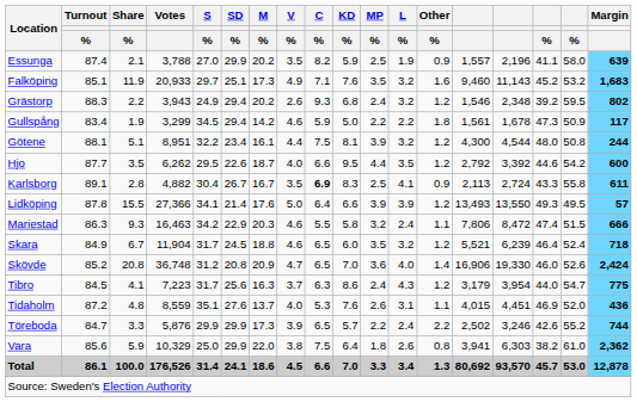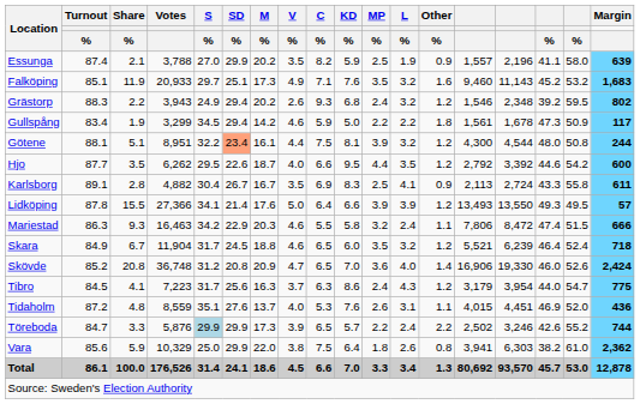 <table class="wikitable sortable" style="text-align:right; font-size:95%; line-height:20px;">
 <tr>
 <th rowspan="3">Location</th>
 <th>Turnout</th>
 <th>Share</th>
 <th>Votes</th>
 <th width="30px" class="unsortable"><a href='#'>S</a></th>
 <th width="30px" class="unsortable"><a href='#'>SD</a></th>
 <th width="30px" class="unsortable"><a href='#'>M</a></th>
 <th width="30px" class="unsortable"><a href='#'>V</a></th>
 <th width="30px" class="unsortable"><a href='#'>C</a></th>
 <th width="30px" class="unsortable"><a href='#'>KD</a></th>
 <th width="30px" class="unsortable"><a href='#'>MP</a></th>
 <th width="30px" class="unsortable"><a href='#'>L</a></th>
 <th width="30px" class="unsortable">Other</th>
 <th></th>
 <th></th>
 <th></th>
 <th></th>
 <th>Margin</th>
 </tr>
 <tr>
 <th></th>
 <th></th>
 <th></th>
 <th style="background:"></th>
 <th style="background:"></th>
 <th style="background:"></th>
 <th style="background:"></th>
 <th style="background:"></th>
 <th style="background:"></th>
 <th style="background:"></th>
 <th style="background:"></th>
 <th style="background:"></th>
 <th style="background:"></th>
 <th style="background:"></th>
 <th style="background:"></th>
 <th style="background:"></th>
 </tr>
 <tr>
 <th data-sort-type="number">%</th>
 <th data-sort-type="number">%</th>
 <th></th>
 <th data-sort-type="number">%</th>
 <th data-sort-type="number">%</th>
 <th data-sort-type="number">%</th>
 <th data-sort-type="number">%</th>
 <th data-sort-type="number">%</th>
 <th data-sort-type="number">%</th>
 <th data-sort-type="number">%</th>
 <th data-sort-type="number">%</th>
 <th data-sort-type="number">%</th>
 <th data-sort-type="number"></th>
 <th data-sort-type="number"></th>
 <th data-sort-type="number">%</th>
 <th data-sort-type="number">%</th>
 <th data-sort-type="number"></th>
 </tr>
 <tr>
 <td align="left"><a href='#'>Essunga</a></td>
 <td>87.4</td>
 <td>2.1</td>
 <td>3,788</td>
 <td>27.0</td>
 <td>29.9</td>
 <td>20.2</td>
 <td>3.5</td>
 <td>8.2</td>
 <td>5.9</td>
 <td>2.5</td>
 <td>1.9</td>
 <td>0.9</td>
 <td>1,557</td>
 <td>2,196</td>
 <td>41.1</td>
 <td>58.0</td>
 <td bgcolor=#6fd5fe><strong>639</strong></td>
 </tr>
 <tr>
 <td align="left"><a href='#'>Falköping</a></td>
 <td>85.1</td>
 <td>11.9</td>
 <td>20,933</td>
 <td>29.7</td>
 <td>25.1</td>
 <td>17.3</td>
 <td>4.9</td>
 <td>7.1</td>
 <td>7.6</td>
 <td>3.5</td>
 <td>3.2</td>
 <td>1.6</td>
 <td>9,460</td>
 <td>11,143</td>
 <td>45.2</td>
 <td>53.2</td>
 <td bgcolor=#6fd5fe><strong>1,683</strong></td>
 </tr>
 <tr>
 <td align="left"><a href='#'>Grästorp</a></td>
 <td>88.3</td>
 <td>2.2</td>
 <td>3,943</td>
 <td>24.9</td>
 <td>29.4</td>
 <td>20.2</td>
 <td>2.6</td>
 <td>9.3</td>
 <td>6.8</td>
 <td>2.4</td>
 <td>3.2</td>
 <td>1.2</td>
 <td>1,546</td>
 <td>2,348</td>
 <td>39.2</td>
 <td>59.5</td>
 <td bgcolor=#6fd5fe><strong>802</strong></td>
 </tr>
 <tr>
 <td align="left"><a href='#'>Gullspång</a></td>
 <td>83.4</td>
 <td>1.9</td>
 <td>3,299</td>
 <td>34.5</td>
 <td>29.4</td>
 <td>14.2</td>
 <td>4.6</td>
 <td>5.9</td>
 <td>5.0</td>
 <td>2.2</td>
 <td>2.2</td>
 <td>1.8</td>
 <td>1,561</td>
 <td>1,678</td>
 <td>47.3</td>
 <td>50.9</td>
 <td bgcolor=#6fd5fe><strong>117</strong></td>
 </tr>
 <tr>
 <td align="left"><a href='#'>Götene</a></td>
 <td>88.1</td>
 <td>5.1</td>
 <td>8,951</td>
 <td>32.2</td>
-<td>23.4</td>
+<td style="background: lightsalmon;">23.4</td>
 <td>16.1</td>
 <td>4.4</td>
 <td>7.5</td>
 <td>8.1</td>
 <td>3.9</td>
 <td>3.2</td>
 <td>1.2</td>
 <td>4,300</td>
 <td>4,544</td>
 <td>48.0</td>
 <td>50.8</td>
 <td bgcolor=#6fd5fe><strong>244</strong></td>
 </tr>
 <tr>
 <td align="left"><a href='#'>Hjo</a></td>
 <td>87.7</td>
 <td>3.5</td>
 <td>6,262</td>
 <td>29.5</td>
 <td>22.6</td>
 <td>18.7</td>
 <td>4.0</td>
 <td>6.6</td>
 <td>9.5</td>
 <td>4.4</td>
 <td>3.5</td>
 <td>1.2</td>
 <td>2,792</td>
 <td>3,392</td>
 <td>44.6</td>
 <td>54.2</td>
 <td bgcolor=#6fd5fe><strong>600</strong></td>
 </tr>
 <tr>
 <td align="left"><a href='#'>Karlsborg</a></td>
 <td>89.1</td>
 <td>2.8</td>
 <td>4,882</td>
 <td>30.4</td>
 <td>26.7</td>
 <td>16.7</td>
 <td>3.5</td>
-<td><strong>6.9</strong></td>
+<td>6.9</td>
 <td>8.3</td>
 <td>2.5</td>
 <td>4.1</td>
 <td>0.9</td>
 <td>2,113</td>
 <td>2,724</td>
 <td>43.3</td>
 <td>55.8</td>
 <td bgcolor=#6fd5fe><strong>611</strong></td>
 </tr>
 <tr>
 <td align="left"><a href='#'>Lidköping</a></td>
 <td>87.8</td>
 <td>15.5</td>
 <td>27,366</td>
 <td>34.1</td>
 <td>21.4</td>
 <td>17.6</td>
 <td>5.0</td>
 <td>6.4</td>
 <td>6.6</td>
 <td>3.9</td>
 <td>3.9</td>
 <td>1.2</td>
 <td>13,493</td>
 <td>13,550</td>
 <td>49.3</td>
 <td>49.5</td>
 <td bgcolor=#6fd5fe><strong>57</strong></td>
 </tr>
 <tr>
 <td align="left"><a href='#'>Mariestad</a></td>
 <td>86.3</td>
 <td>9.3</td>
 <td>16,463</td>
 <td>34.2</td>
 <td>22.9</td>
 <td>20.3</td>
 <td>4.6</td>
 <td>5.5</td>
 <td>5.8</td>
 <td>3.2</td>
 <td>2.4</td>
 <td>1.1</td>
 <td>7,806</td>
 <td>8,472</td>
 <td>47.4</td>
 <td>51.5</td>
 <td bgcolor=#6fd5fe><strong>666</strong></td>
 </tr>
 <tr>
 <td align="left"><a href='#'>Skara</a></td>
 <td>84.9</td>
 <td>6.7</td>
 <td>11,904</td>
 <td>31.7</td>
 <td>24.5</td>
 <td>18.8</td>
 <td>4.6</td>
 <td>6.5</td>
 <td>6.0</td>
 <td>3.5</td>
 <td>3.2</td>
 <td>1.2</td>
 <td>5,521</td>
 <td>6,239</td>
 <td>46.4</td>
 <td>52.4</td>
 <td bgcolor=#6fd5fe><strong>718</strong></td>
 </tr>
 <tr>
 <td align="left"><a href='#'>Skövde</a></td>
 <td>85.2</td>
 <td>20.8</td>
 <td>36,748</td>
 <td>31.2</td>
 <td>20.8</td>
 <td>20.9</td>
 <td>4.7</td>
 <td>6.5</td>
 <td>7.0</td>
 <td>3.6</td>
 <td>4.0</td>
 <td>1.4</td>
 <td>16,906</td>
 <td>19,330</td>
 <td>46.0</td>
 <td>52.6</td>
 <td bgcolor=#6fd5fe><strong>2,424</strong></td>
 </tr>
 <tr>
 <td align="left"><a href='#'>Tibro</a></td>
 <td>84.5</td>
 <td>4.1</td>
 <td>7,223</td>
 <td>31.7</td>
 <td>25.6</td>
 <td>16.3</td>
 <td>3.7</td>
 <td>6.3</td>
 <td>8.6</td>
 <td>2.4</td>
 <td>4.3</td>
 <td>1.2</td>
 <td>3,179</td>
 <td>3,954</td>
 <td>44.0</td>
 <td>54.7</td>
 <td bgcolor=#6fd5fe><strong>775</strong></td>
 </tr>
 <tr>
 <td align="left"><a href='#'>Tidaholm</a></td>
 <td>87.2</td>
 <td>4.8</td>
 <td>8,559</td>
 <td>35.1</td>
 <td>27.6</td>
 <td>13.7</td>
 <td>4.0</td>
 <td>5.3</td>
 <td>7.6</td>
 <td>2.6</td>
 <td>3.1</td>
 <td>1.1</td>
 <td>4,015</td>
 <td>4,451</td>
 <td>46.9</td>
 <td>52.0</td>
 <td bgcolor=#6fd5fe><strong>436</strong></td>
 </tr>
 <tr>
 <td align="left"><a href='#'>Töreboda</a></td>
 <td>84.7</td>
 <td>3.3</td>
 <td>5,876</td>
-<td>29.9</td>
+<td style="background: lightblue;">29.9</td>
 <td>29.9</td>
 <td>17.3</td>
 <td>3.9</td>
 <td>6.5</td>
 <td>5.7</td>
 <td>2.2</td>
 <td>2.4</td>
 <td>2.2</td>
 <td>2,502</td>
 <td>3,246</td>
 <td>42.6</td>
 <td>55.2</td>
 <td bgcolor=#6fd5fe><strong>744</strong></td>
 </tr>
 <tr>
 <td align="left"><a href='#'>Vara</a></td>
 <td>85.6</td>
 <td>5.9</td>
 <td>10,329</td>
 <td>25.0</td>
 <td>29.9</td>
 <td>22.0</td>
 <td>3.8</td>
 <td>7.5</td>
 <td>6.4</td>
 <td>1.8</td>
 <td>2.6</td>
 <td>0.8</td>
 <td>3,941</td>
 <td>6,303</td>
 <td>38.2</td>
 <td>61.0</td>
 <td bgcolor=#6fd5fe><strong>2,362</strong></td>
 </tr>
 <tr style="background:#CDCDCD;">
 <td align="left"><strong>Total</strong></td>
 <td><strong>86.1</strong></td>
 <td><strong>100.0</strong></td>
 <td><strong>176,526</strong></td>
 <td><strong>31.4</strong></td>
 <td><strong>24.1</strong></td>
 <td><strong>18.6</strong></td>
 <td><strong>4.5</strong></td>
 <td><strong>6.6</strong></td>
 <td><strong>7.0</strong></td>
 <td><strong>3.3</strong></td>
 <td><strong>3.4</strong></td>
 <td><strong>1.3</strong></td>
 <td><strong>80,692</strong></td>
 <td><strong>93,570</strong></td>
 <td><strong>45.7</strong></td>
 <td><strong>53.0</strong></td>
 <td bgcolor=#6fd5fe><strong>12,878</strong></td>
 </tr>
 <tr>
 <td colspan="18" align="left">Source: Sweden's <a href='#'>Election Authority</a></td>
 </tr>
 </table>
